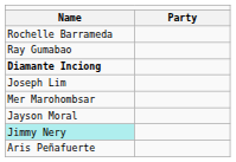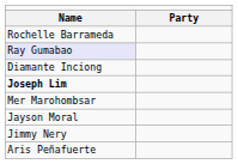 <table class=wikitable style="font-size:90%">
 <tr>
 <td colspan=4 bgcolor=></td>
 </tr>
 <tr>
 <th width=150px>Name</th>
 <th colspan=2 width=110px>Party</th>
 </tr>
 <tr>
 <td>Rochelle Barrameda</td>
 <td></td>
 </tr>
 <tr>
-<td>Ray Gumabao</td>
+<td style="background: lavender;">Ray Gumabao</td>
 <td></td>
 </tr>
 <tr>
-<td><strong>Diamante Inciong</strong></td>
+<td>Diamante Inciong</td>
 <td></td>
 </tr>
 <tr>
-<td>Joseph Lim</td>
+<td><strong>Joseph Lim</strong></td>
 <td></td>
 </tr>
 <tr>
 <td>Mer Marohombsar</td>
 <td></td>
 </tr>
 <tr>
 <td>Jayson Moral</td>
 <td></td>
 </tr>
 <tr>
-<td style="background: paleturquoise;">Jimmy Nery</td>
+<td>Jimmy Nery</td>
 <td></td>
 </tr>
 <tr>
 <td>Aris Peñafuerte</td>
 <td></td>
 </tr>
 </table>
